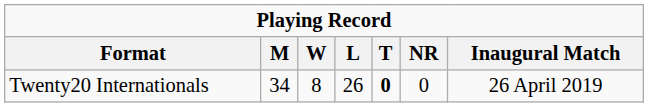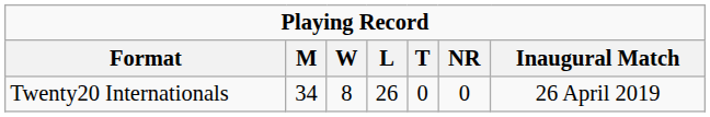 <table class="wikitable" style="text-align: center; width: 500px;">
 <tr>
 <td colspan=7 align="center"><strong>Playing Record</strong></td>
 </tr>
 <tr>
 <th>Format</th>
 <th>M</th>
 <th>W</th>
 <th>L</th>
 <th>T</th>
 <th>NR</th>
 <th>Inaugural Match</th>
 </tr>
 <tr>
 <td align="left">Twenty20 Internationals</td>
 <td>34</td>
 <td>8</td>
 <td>26</td>
-<td><strong>0</strong></td>
+<td>0</td>
 <td>0</td>
 <td>26 April 2019</td>
 </tr>
 </table>
